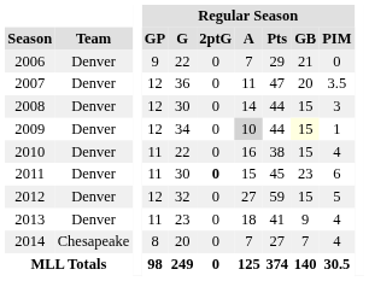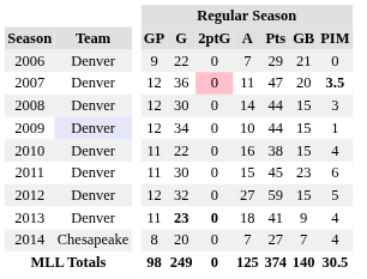 <table BORDER="0" CELLPADDING="3" CELLSPACING="0">
 <tr ALIGN="center" bgcolor="#e0e0e0">
 <th colspan="2" bgcolor="#ffffff"> </th>
 <th rowspan="99" bgcolor="#ffffff"> </th>
 <th colspan="7">Regular Season</th>
 <th rowspan="99" bgcolor="#ffffff"> </th>
 </tr>
 <tr ALIGN="center" bgcolor="#e0e0e0">
 <th>Season</th>
 <th>Team</th>
 <th>GP</th>
 <th>G</th>
 <th>2ptG</th>
 <th>A</th>
 <th>Pts</th>
 <th>GB</th>
 <th>PIM</th>
 </tr>
 <tr ALIGN="center" bgcolor="#f0f0f0">
 <td>2006</td>
 <td>Denver</td>
 <td>9</td>
 <td>22</td>
 <td>0</td>
 <td>7</td>
 <td>29</td>
 <td>21</td>
 <td>0</td>
 </tr>
 <tr ALIGN="center">
 <td>2007</td>
 <td>Denver</td>
 <td>12</td>
 <td>36</td>
-<td>0</td>
+<td style="background: pink;">0</td>
 <td>11</td>
 <td>47</td>
 <td>20</td>
-<td>3.5</td>
+<td><strong>3.5</strong></td>
 </tr>
 <tr ALIGN="center" bgcolor="#f0f0f0">
 <td>2008</td>
 <td>Denver</td>
 <td>12</td>
 <td>30</td>
 <td>0</td>
 <td>14</td>
 <td>44</td>
 <td>15</td>
 <td>3</td>
 </tr>
 <tr ALIGN="center">
 <td>2009</td>
-<td>Denver</td>
+<td style="background: lavender;">Denver</td>
 <td>12</td>
 <td>34</td>
 <td>0</td>
-<td style="background: lightgrey;">10</td>
+<td>10</td>
 <td>44</td>
-<td style="background: lightyellow;">15</td>
+<td>15</td>
 <td>1</td>
 </tr>
 <tr ALIGN="center" bgcolor="#f0f0f0">
 <td>2010</td>
 <td>Denver</td>
 <td>11</td>
 <td>22</td>
 <td>0</td>
 <td>16</td>
 <td>38</td>
 <td>15</td>
 <td>4</td>
 </tr>
 <tr ALIGN="center">
 <td>2011</td>
 <td>Denver</td>
 <td>11</td>
 <td>30</td>
-<td><strong>0</strong></td>
+<td>0</td>
 <td>15</td>
 <td>45</td>
 <td>23</td>
 <td>6</td>
 </tr>
 <tr ALIGN="center" bgcolor="#f0f0f0">
 <td>2012</td>
 <td>Denver</td>
 <td>12</td>
 <td>32</td>
 <td>0</td>
 <td>27</td>
 <td>59</td>
 <td>15</td>
 <td>5</td>
 </tr>
 <tr ALIGN="center">
 <td>2013</td>
 <td>Denver</td>
 <td>11</td>
-<td>23</td>
-<td>0</td>
+<td><strong>23</strong></td>
+<td><strong>0</strong></td>
 <td>18</td>
 <td>41</td>
 <td>9</td>
 <td>4</td>
 </tr>
 <tr ALIGN="center" bgcolor="#f0f0f0">
 <td>2014</td>
 <td>Chesapeake</td>
 <td>8</td>
 <td>20</td>
 <td>0</td>
 <td>7</td>
 <td>27</td>
 <td>7</td>
 <td>4</td>
 </tr>
 <tr ALIGN="center">
 <th colspan="2">MLL Totals</th>
 <th>98</th>
 <th>249</th>
 <th>0</th>
 <th>125</th>
 <th>374</th>
 <th>140</th>
 <th>30.5</th>
 </tr>
 </table>
